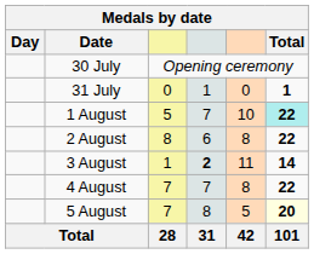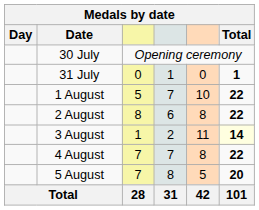 <table class="wikitable" style="font-size:90%; text-align:center;">
 <tr style="background:#efefef;">
 <th colspan=6><strong>Medals by date</strong></th>
 </tr>
 <tr>
 <th width=30><strong>Day</strong></th>
 <th width=90><strong>Date</strong></th>
 <th width=30 style="background:#F7F6A8;"></th>
 <th width=30 style="background:#DCE5E5;"></th>
 <th width=30 style="background:#FFDAB9;"></th>
 <th width=30><strong>Total</strong></th>
 </tr>
 <tr>
 <td></td>
 <td>30 July</td>
 <td colspan="4" style="text-align:left center ;"> <em>Opening ceremony</em></td>
 </tr>
 <tr>
 <td></td>
 <td>31 July</td>
 <td style="background:#F7F6A8;">0</td>
 <td style="background:#DCE5E5;">1</td>
 <td style="background:#FFDAB9;">0</td>
 <td><strong>1</strong></td>
 </tr>
 <tr>
 <td></td>
 <td>1 August</td>
 <td style="background:#F7F6A8;">5</td>
 <td style="background:#DCE5E5;">7</td>
 <td style="background:#FFDAB9;">10</td>
-<td style="background: paleturquoise;"><strong>22</strong></td>
+<td><strong>22</strong></td>
 </tr>
 <tr>
 <td></td>
 <td>2 August</td>
 <td style="background:#F7F6A8;">8</td>
 <td style="background:#DCE5E5;">6</td>
 <td style="background:#FFDAB9;">8</td>
 <td><strong>22</strong></td>
 </tr>
 <tr>
 <td></td>
 <td>3 August</td>
 <td style="background:#F7F6A8;">1</td>
-<td style="background:#DCE5E5;"><strong>2</strong></td>
+<td style="background:#DCE5E5;">2</td>
 <td style="background:#FFDAB9;">11</td>
-<td><strong>14</strong></td>
+<td style="background: lightyellow;"><strong>14</strong></td>
 </tr>
 <tr>
 <td></td>
 <td>4 August</td>
 <td style="background:#F7F6A8;">7</td>
 <td style="background:#DCE5E5;">7</td>
 <td style="background:#FFDAB9;">8</td>
 <td><strong>22</strong></td>
 </tr>
 <tr>
 <td></td>
 <td>5 August</td>
 <td style="background:#F7F6A8;">7</td>
 <td style="background:#DCE5E5;">8</td>
 <td style="background:#FFDAB9;">5</td>
-<td style="background: lightyellow;"><strong>20</strong></td>
+<td><strong>20</strong></td>
 </tr>
 <tr>
 <th colspan="2"><strong>Total</strong></th>
 <th><strong>28</strong></th>
 <th><strong>31</strong></th>
 <th><strong>42</strong></th>
 <th><strong>101</strong></th>
 </tr>
 </table>
